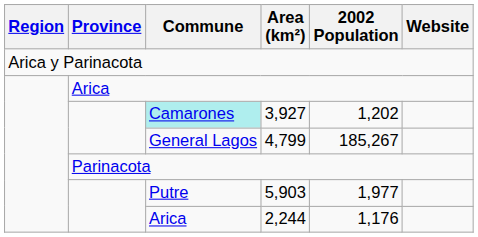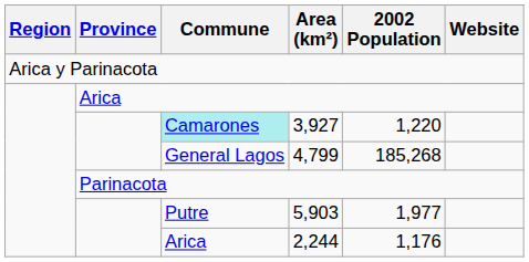 <table class="wikitable" style="text-align:left; text-valign:top;">
 <tr>
 <th scope="col"><a href='#'>Region</a></th>
 <th scope="col"><a href='#'>Province</a></th>
 <th scope="col">Commune</th>
 <th scope="col">Area<br>(km²)</th>
 <th scope="col">2002<br>Population</th>
 <th scope="col">Website</th>
 </tr>
 <tr>
 <td colspan="6" valign="top">Arica y Parinacota</td>
 </tr>
 <tr>
 <td rowspan="6"></td>
 <td colspan="5"  valign="top"><a href='#'>Arica</a></td>
 </tr>
 <tr>
 <td rowspan="2"></td>
 <td style="background: paleturquoise;"><a href='#'>Camarones</a></td>
 <td align="right">3,927</td>
-<td align="right">1,202</td>
+<td align="right">1,220</td>
 <td align="right"></td>
 </tr>
 <tr>
 <td><a href='#'>General Lagos</a></td>
 <td align="right">4,799</td>
-<td align="right">185,267</td>
+<td align="right">185,268</td>
 <td align="right"> </td>
 </tr>
 <tr>
 <td colspan="5" valign="top"><a href='#'>Parinacota</a></td>
 </tr>
 <tr>
 <td rowspan="2"></td>
 <td><a href='#'>Putre</a></td>
 <td align="right">5,903</td>
 <td align="right">1,977</td>
 <td align="right"></td>
 </tr>
 <tr>
 <td><a href='#'>Arica</a></td>
 <td align="right">2,244</td>
 <td align="right">1,176</td>
 <td align="right"></td>
 </tr>
 </table>
